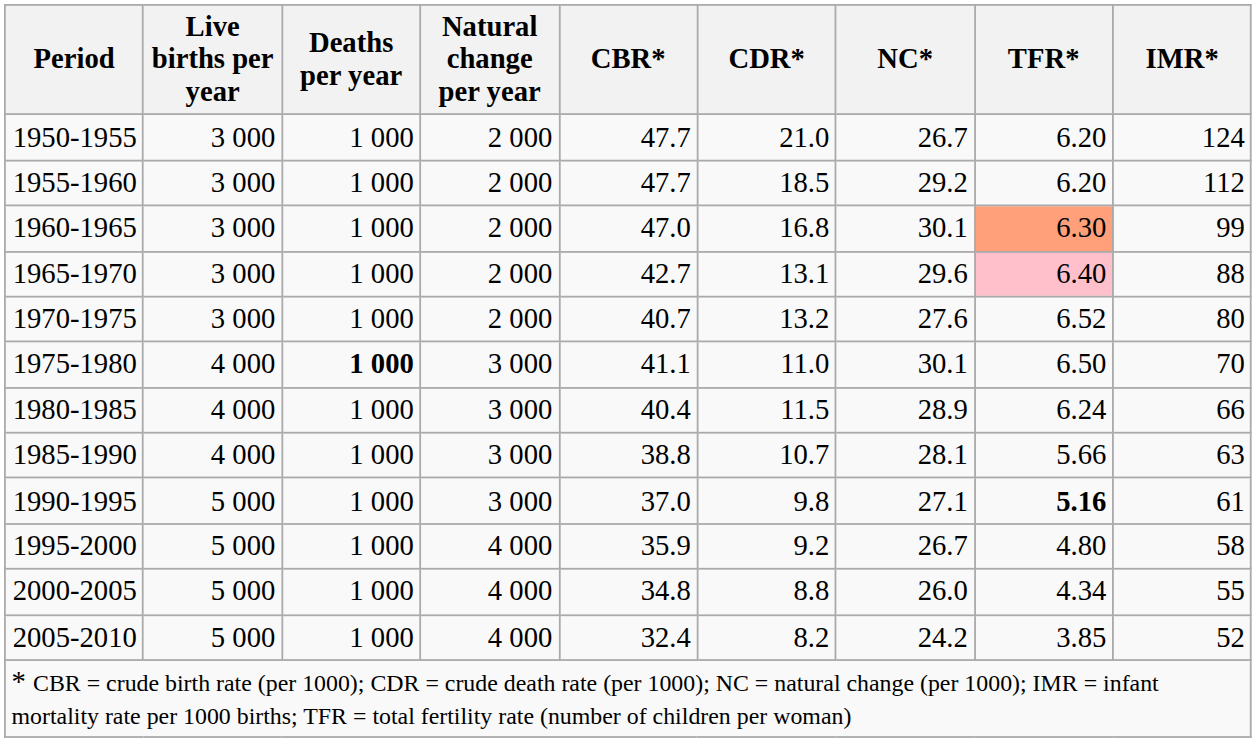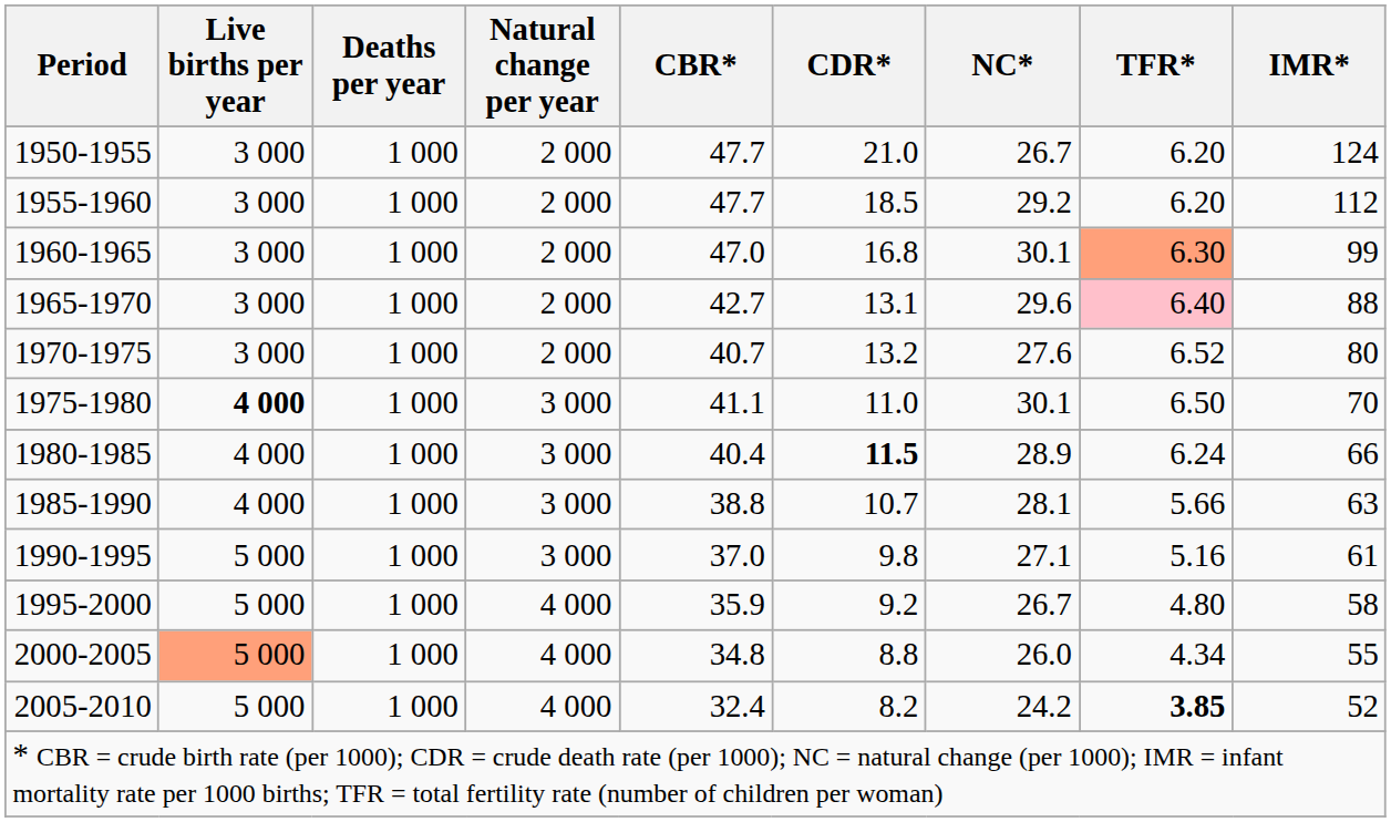 <table class="wikitable" style="text-align: right;">
 <tr>
 <th width="70pt">Period</th>
 <th width="70pt">Live births per year</th>
 <th width="70pt">Deaths per year</th>
 <th width="70pt">Natural change per year</th>
 <th width="70pt">CBR*</th>
 <th width="70pt">CDR*</th>
 <th width="70pt">NC*</th>
 <th width="70pt">TFR*</th>
 <th width="70pt">IMR*</th>
 </tr>
 <tr>
 <td>1950-1955</td>
 <td>3 000</td>
 <td>1 000</td>
 <td>2 000</td>
 <td>47.7</td>
 <td>21.0</td>
 <td>26.7</td>
 <td>6.20</td>
 <td>124</td>
 </tr>
 <tr>
 <td>1955-1960</td>
 <td>3 000</td>
 <td>1 000</td>
 <td>2 000</td>
 <td>47.7</td>
 <td>18.5</td>
 <td>29.2</td>
 <td>6.20</td>
 <td>112</td>
 </tr>
 <tr>
 <td>1960-1965</td>
 <td>3 000</td>
 <td>1 000</td>
 <td>2 000</td>
 <td>47.0</td>
 <td>16.8</td>
 <td>30.1</td>
 <td style="background: lightsalmon;">6.30</td>
 <td>99</td>
 </tr>
 <tr>
 <td>1965-1970</td>
 <td>3 000</td>
 <td>1 000</td>
 <td>2 000</td>
 <td>42.7</td>
 <td>13.1</td>
 <td>29.6</td>
 <td style="background: pink;">6.40</td>
 <td>88</td>
 </tr>
 <tr>
 <td>1970-1975</td>
 <td>3 000</td>
 <td>1 000</td>
 <td>2 000</td>
 <td>40.7</td>
 <td>13.2</td>
 <td>27.6</td>
 <td>6.52</td>
 <td>80</td>
 </tr>
 <tr>
 <td>1975-1980</td>
-<td>4 000</td>
-<td><strong>1 000</strong></td>
+<td><strong>4 000</strong></td>
+<td>1 000</td>
 <td>3 000</td>
 <td>41.1</td>
 <td>11.0</td>
 <td>30.1</td>
 <td>6.50</td>
 <td>70</td>
 </tr>
 <tr>
 <td>1980-1985</td>
 <td>4 000</td>
 <td>1 000</td>
 <td>3 000</td>
 <td>40.4</td>
-<td>11.5</td>
+<td><strong>11.5</strong></td>
 <td>28.9</td>
 <td>6.24</td>
 <td>66</td>
 </tr>
 <tr>
 <td>1985-1990</td>
 <td>4 000</td>
 <td>1 000</td>
 <td>3 000</td>
 <td>38.8</td>
 <td>10.7</td>
 <td>28.1</td>
 <td>5.66</td>
 <td>63</td>
 </tr>
 <tr>
 <td>1990-1995</td>
 <td>5 000</td>
 <td>1 000</td>
 <td>3 000</td>
 <td>37.0</td>
 <td>9.8</td>
 <td>27.1</td>
-<td><strong>5.16</strong></td>
+<td>5.16</td>
 <td>61</td>
 </tr>
 <tr>
 <td>1995-2000</td>
 <td>5 000</td>
 <td>1 000</td>
 <td>4 000</td>
 <td>35.9</td>
 <td>9.2</td>
 <td>26.7</td>
 <td>4.80</td>
 <td>58</td>
 </tr>
 <tr>
 <td>2000-2005</td>
-<td>5 000</td>
+<td style="background: lightsalmon;">5 000</td>
 <td>1 000</td>
 <td>4 000</td>
 <td>34.8</td>
 <td>8.8</td>
 <td>26.0</td>
 <td>4.34</td>
 <td>55</td>
 </tr>
 <tr>
 <td>2005-2010</td>
 <td>5 000</td>
 <td>1 000</td>
 <td>4 000</td>
 <td>32.4</td>
 <td>8.2</td>
 <td>24.2</td>
-<td>3.85</td>
+<td><strong>3.85</strong></td>
 <td>52</td>
 </tr>
 <tr>
 <td align="left" colspan="9">* <small> CBR = crude birth rate (per 1000); CDR = crude death rate (per 1000); NC = natural change (per 1000); IMR = infant mortality rate per 1000 births; TFR = total fertility rate (number of children per woman)</small></td>
 </tr>
 </table>
